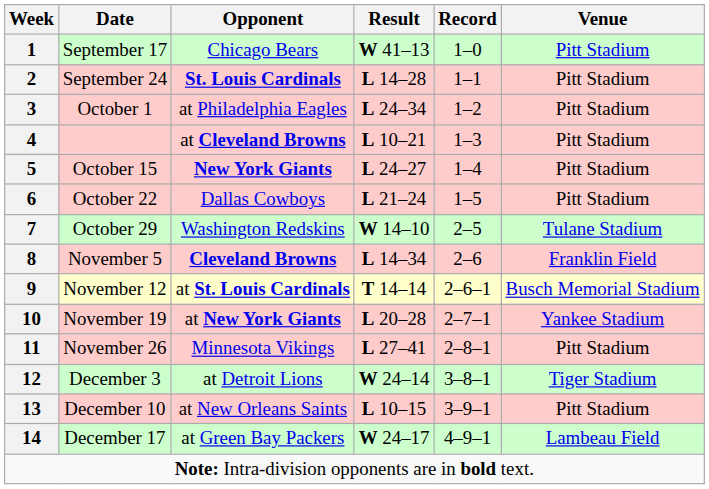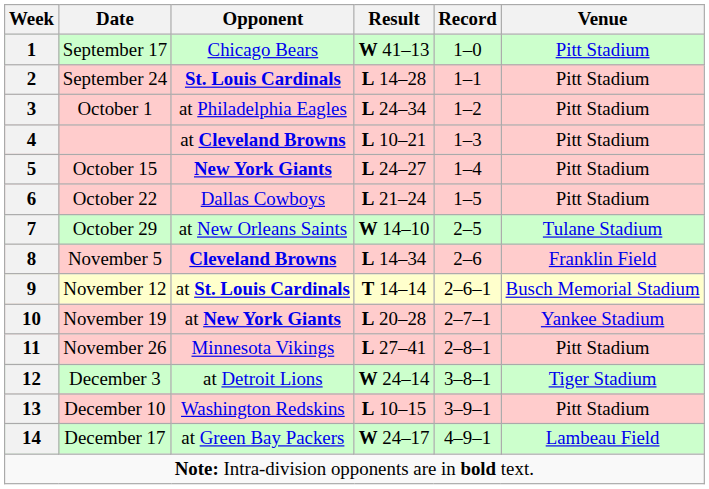 <table class="wikitable" style="text-align:center">
 <tr>
 <th>Week</th>
 <th>Date</th>
 <th>Opponent</th>
 <th>Result</th>
 <th>Record</th>
 <th>Venue</th>
 </tr>
 <tr style="background:#cfc">
 <th>1</th>
 <td>September 17</td>
 <td><a href='#'>Chicago Bears</a></td>
 <td><strong>W</strong> 41–13</td>
 <td>1–0</td>
 <td><a href='#'>Pitt Stadium</a></td>
 </tr>
 <tr style="background:#fcc">
 <th>2</th>
 <td>September 24</td>
 <td><strong><a href='#'>St. Louis Cardinals</a></strong></td>
 <td><strong>L</strong> 14–28</td>
 <td>1–1</td>
 <td>Pitt Stadium</td>
 </tr>
 <tr style="background:#fcc">
 <th>3</th>
 <td>October 1</td>
 <td>at <a href='#'>Philadelphia Eagles</a></td>
 <td><strong>L</strong> 24–34</td>
 <td>1–2</td>
 <td>Pitt Stadium</td>
 </tr>
 <tr style="background:#fcc">
 <th>4</th>
 <td></td>
 <td>at <strong><a href='#'>Cleveland Browns</a></strong></td>
 <td><strong>L</strong> 10–21</td>
 <td>1–3</td>
 <td>Pitt Stadium</td>
 </tr>
 <tr style="background:#fcc">
 <th>5</th>
 <td>October 15</td>
 <td><strong><a href='#'>New York Giants</a></strong></td>
 <td><strong>L</strong> 24–27</td>
 <td>1–4</td>
 <td>Pitt Stadium</td>
 </tr>
 <tr style="background:#fcc">
 <th>6</th>
 <td>October 22</td>
 <td><a href='#'>Dallas Cowboys</a></td>
 <td><strong>L</strong> 21–24</td>
 <td>1–5</td>
 <td>Pitt Stadium</td>
 </tr>
 <tr style="background:#cfc">
 <th>7</th>
 <td>October 29</td>
-<td><a href='#'>Washington Redskins</a></td>
+<td>at <a href='#'>New Orleans Saints</a></td>
 <td><strong>W</strong> 14–10</td>
 <td>2–5</td>
 <td><a href='#'>Tulane Stadium</a></td>
 </tr>
 <tr style="background:#fcc">
 <th>8</th>
 <td>November 5</td>
 <td><strong><a href='#'>Cleveland Browns</a></strong></td>
 <td><strong>L</strong> 14–34</td>
 <td>2–6</td>
 <td><a href='#'>Franklin Field</a></td>
 </tr>
 <tr style="background:#ffc">
 <th>9</th>
 <td>November 12</td>
 <td>at <strong><a href='#'>St. Louis Cardinals</a></strong></td>
 <td><strong>T</strong> 14–14</td>
 <td>2–6–1</td>
 <td><a href='#'>Busch Memorial Stadium</a></td>
 </tr>
 <tr style="background:#fcc">
 <th>10</th>
 <td>November 19</td>
 <td>at <strong><a href='#'>New York Giants</a></strong></td>
 <td><strong>L</strong> 20–28</td>
 <td>2–7–1</td>
 <td><a href='#'>Yankee Stadium</a></td>
 </tr>
 <tr style="background:#fcc">
 <th>11</th>
 <td>November 26</td>
 <td><a href='#'>Minnesota Vikings</a></td>
 <td><strong>L</strong> 27–41</td>
 <td>2–8–1</td>
 <td>Pitt Stadium</td>
 </tr>
 <tr style="background:#cfc">
 <th>12</th>
 <td>December 3</td>
 <td>at <a href='#'>Detroit Lions</a></td>
 <td><strong>W</strong> 24–14</td>
 <td>3–8–1</td>
 <td><a href='#'>Tiger Stadium</a></td>
 </tr>
 <tr style="background:#fcc">
 <th>13</th>
 <td>December 10</td>
-<td>at <a href='#'>New Orleans Saints</a></td>
+<td><a href='#'>Washington Redskins</a></td>
 <td><strong>L</strong> 10–15</td>
 <td>3–9–1</td>
 <td>Pitt Stadium</td>
 </tr>
 <tr style="background:#cfc">
 <th>14</th>
 <td>December 17</td>
 <td>at <a href='#'>Green Bay Packers</a></td>
 <td><strong>W</strong> 24–17</td>
 <td>4–9–1</td>
 <td><a href='#'>Lambeau Field</a></td>
 </tr>
 <tr>
 <td colspan="8"><strong>Note:</strong> Intra-division opponents are in <strong>bold</strong> text.</td>
 </tr>
 </table>
